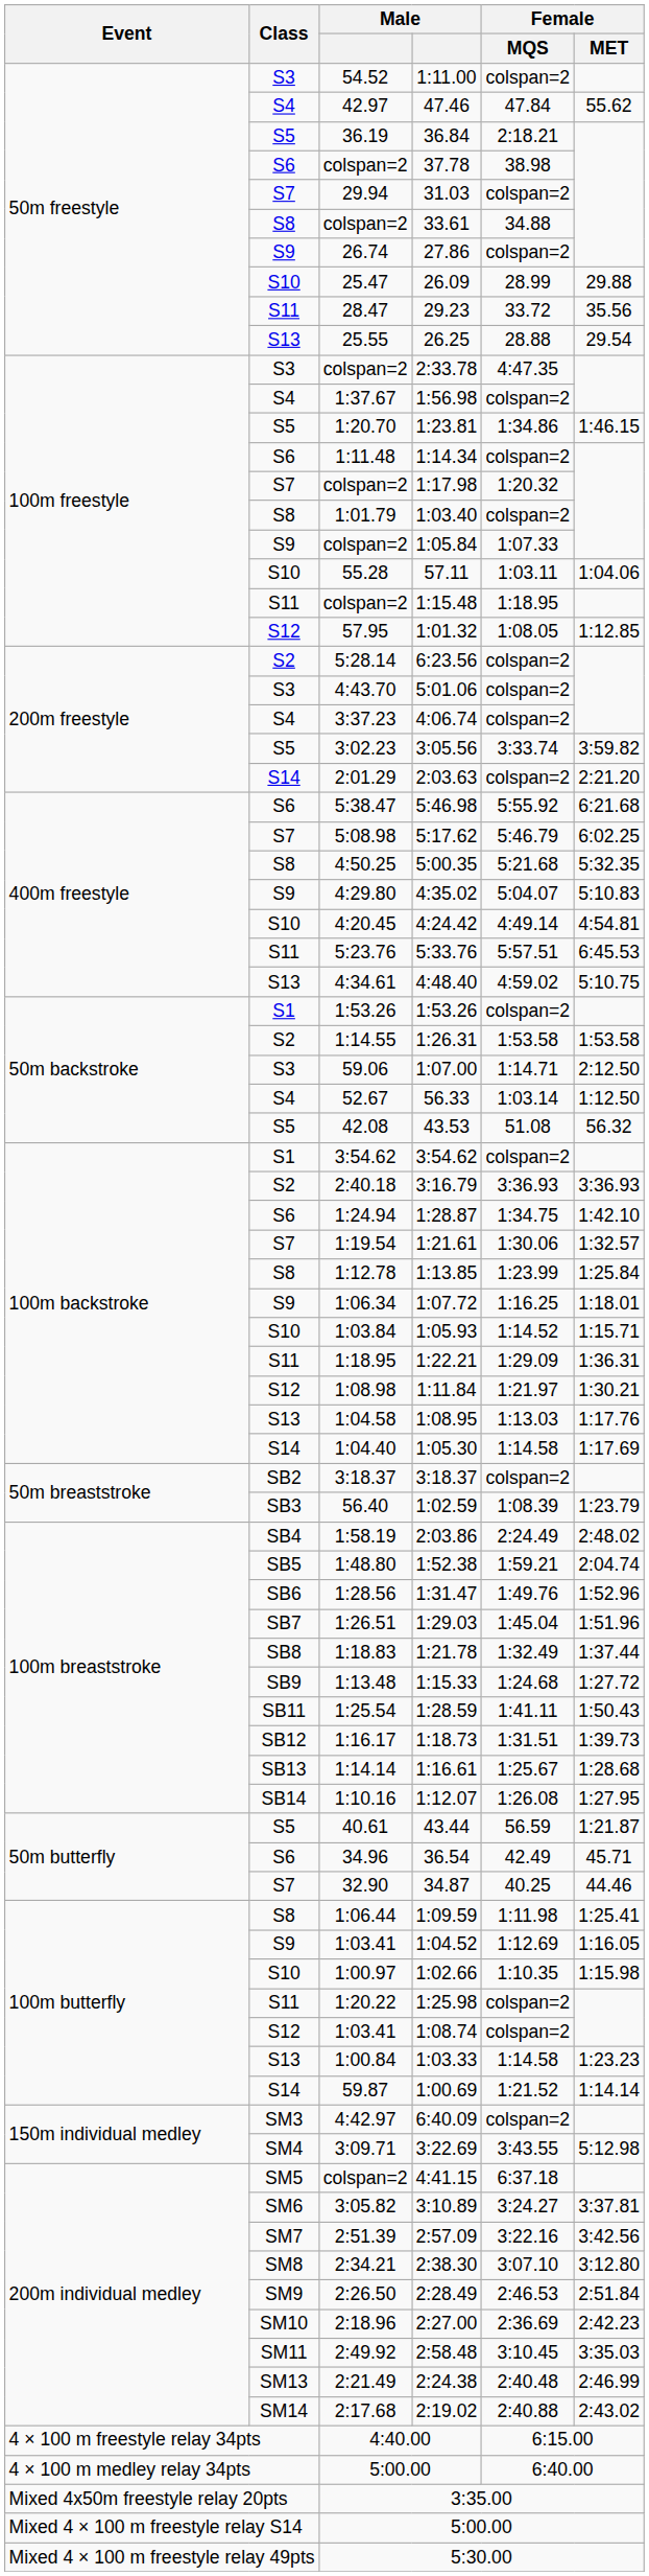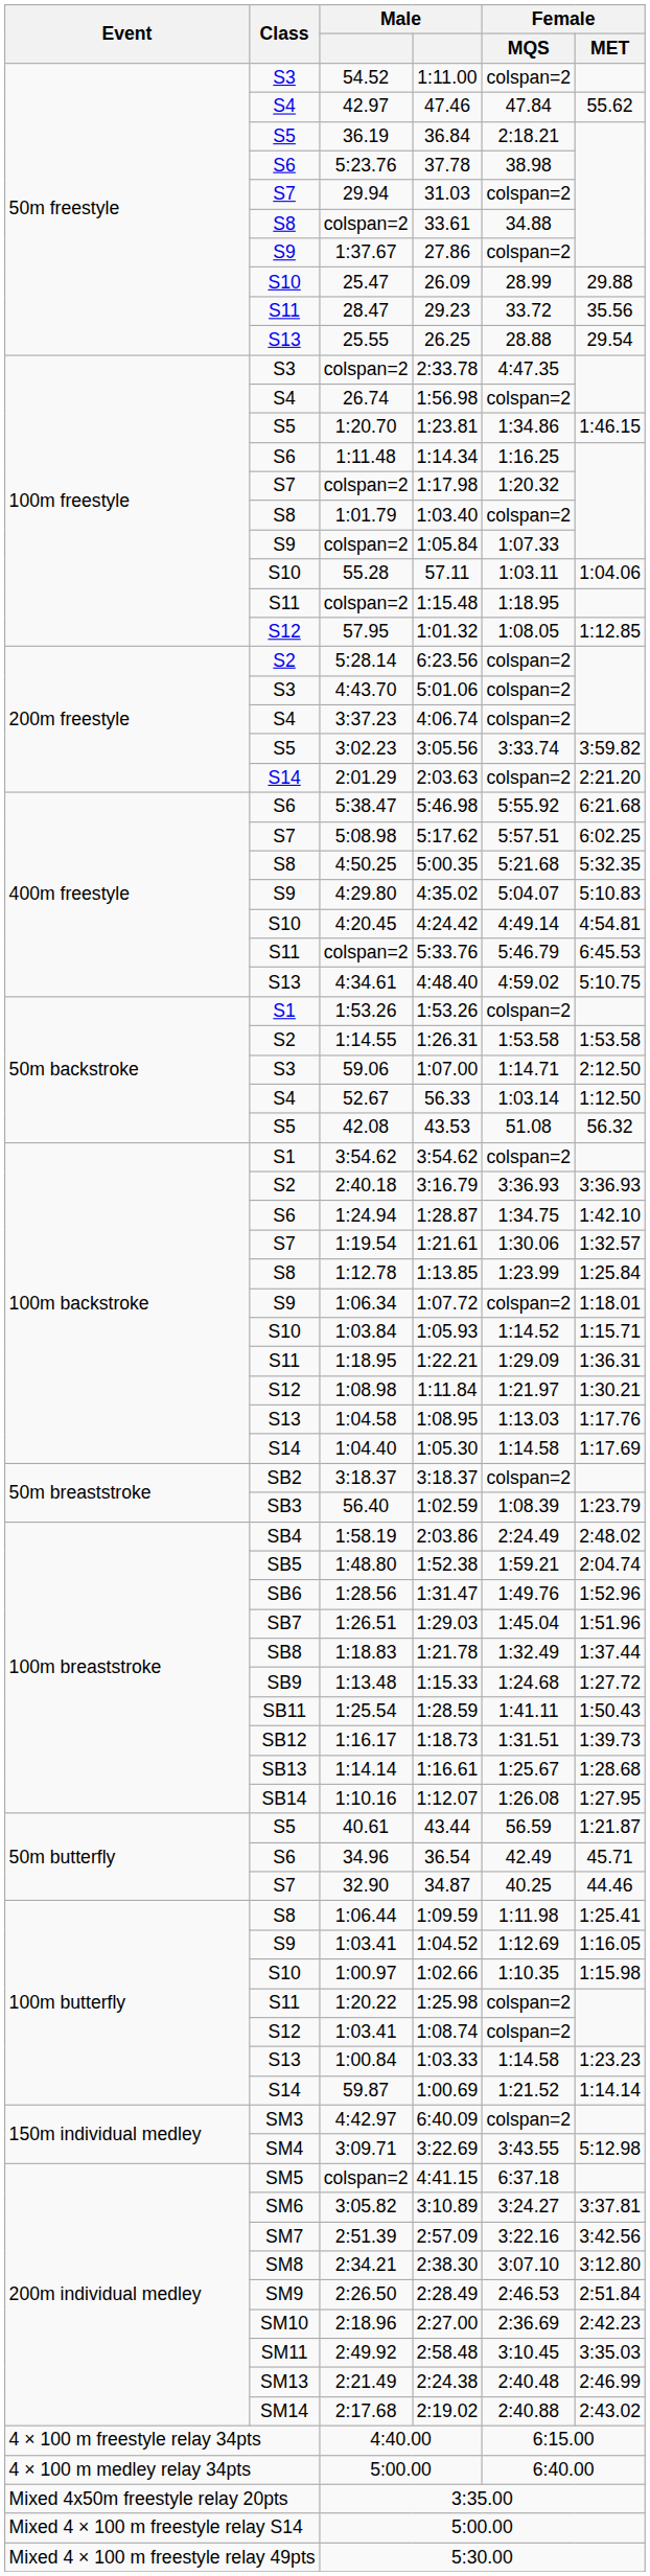 <table class="wikitable">
 <tr>
 <th rowspan=2>Event</th>
 <th rowspan=2>Class</th>
 <th colspan=2>Male</th>
 <th colspan=2>Female</th>
 </tr>
 <tr>
 <th></th>
 <th></th>
 <th>MQS</th>
 <th>MET</th>
 </tr>
 <tr align=center>
 <td align=left rowspan=10>50m freestyle</td>
 <td><a href='#'>S3</a></td>
 <td>54.52</td>
 <td>1:11.00</td>
 <td>colspan=2 </td>
 </tr>
 <tr align=center>
 <td><a href='#'>S4</a></td>
 <td>42.97</td>
 <td>47.46</td>
 <td>47.84</td>
 <td>55.62</td>
 </tr>
 <tr align=center>
 <td><a href='#'>S5</a></td>
 <td>36.19</td>
 <td>36.84</td>
 <td>2:18.21</td>
 </tr>
 <tr align=center>
 <td><a href='#'>S6</a></td>
-<td>colspan=2 </td>
+<td>5:23.76</td>
 <td>37.78</td>
 <td>38.98</td>
 </tr>
 <tr align=center>
 <td><a href='#'>S7</a></td>
 <td>29.94</td>
 <td>31.03</td>
 <td>colspan=2 </td>
 </tr>
 <tr align=center>
 <td><a href='#'>S8</a></td>
 <td>colspan=2 </td>
 <td>33.61</td>
 <td>34.88</td>
 </tr>
 <tr align=center>
 <td><a href='#'>S9</a></td>
-<td>26.74</td>
+<td>1:37.67</td>
 <td>27.86</td>
 <td>colspan=2 </td>
 </tr>
 <tr align=center>
 <td><a href='#'>S10</a></td>
 <td>25.47</td>
 <td>26.09</td>
 <td>28.99</td>
 <td>29.88</td>
 </tr>
 <tr align=center>
 <td><a href='#'>S11</a></td>
 <td>28.47</td>
 <td>29.23</td>
 <td>33.72</td>
 <td>35.56</td>
 </tr>
 <tr align=center>
 <td><a href='#'>S13</a></td>
 <td>25.55</td>
 <td>26.25</td>
 <td>28.88</td>
 <td>29.54</td>
 </tr>
 <tr align=center>
 <td align=left rowspan=10>100m freestyle</td>
 <td>S3</td>
 <td>colspan=2 </td>
 <td>2:33.78</td>
 <td>4:47.35</td>
 </tr>
 <tr align=center>
 <td>S4</td>
-<td>1:37.67</td>
+<td>26.74</td>
 <td>1:56.98</td>
 <td>colspan=2 </td>
 </tr>
 <tr align=center>
 <td>S5</td>
 <td>1:20.70</td>
 <td>1:23.81</td>
 <td>1:34.86</td>
 <td>1:46.15</td>
 </tr>
 <tr align=center>
 <td>S6</td>
 <td>1:11.48</td>
 <td>1:14.34</td>
-<td>colspan=2 </td>
+<td>1:16.25</td>
 </tr>
 <tr align=center>
 <td>S7</td>
 <td>colspan=2 </td>
 <td>1:17.98</td>
 <td>1:20.32</td>
 </tr>
 <tr align=center>
 <td>S8</td>
 <td>1:01.79</td>
 <td>1:03.40</td>
 <td>colspan=2 </td>
 </tr>
 <tr align=center>
 <td>S9</td>
 <td>colspan=2 </td>
 <td>1:05.84</td>
 <td>1:07.33</td>
 </tr>
 <tr align=center>
 <td>S10</td>
 <td>55.28</td>
 <td>57.11</td>
 <td>1:03.11</td>
 <td>1:04.06</td>
 </tr>
 <tr align=center>
 <td>S11</td>
 <td>colspan=2 </td>
 <td>1:15.48</td>
 <td>1:18.95</td>
 </tr>
 <tr align=center>
 <td><a href='#'>S12</a></td>
 <td>57.95</td>
 <td>1:01.32</td>
 <td>1:08.05</td>
 <td>1:12.85</td>
 </tr>
 <tr align=center>
 <td align=left rowspan=5>200m freestyle</td>
 <td><a href='#'>S2</a></td>
 <td>5:28.14</td>
 <td>6:23.56</td>
 <td>colspan=2 </td>
 </tr>
 <tr align=center>
 <td>S3</td>
 <td>4:43.70</td>
 <td>5:01.06</td>
 <td>colspan=2 </td>
 </tr>
 <tr align=center>
 <td>S4</td>
 <td>3:37.23</td>
 <td>4:06.74</td>
 <td>colspan=2 </td>
 </tr>
 <tr align=center>
 <td>S5</td>
 <td>3:02.23</td>
 <td>3:05.56</td>
 <td>3:33.74</td>
 <td>3:59.82</td>
 </tr>
 <tr align=center>
 <td><a href='#'>S14</a></td>
 <td>2:01.29</td>
 <td>2:03.63</td>
 <td>colspan=2 </td>
 <td>2:21.20</td>
 </tr>
 <tr align=center>
 <td align=left rowspan=7>400m freestyle</td>
 <td>S6</td>
 <td>5:38.47</td>
 <td>5:46.98</td>
 <td>5:55.92</td>
 <td>6:21.68</td>
 </tr>
 <tr align=center>
 <td>S7</td>
 <td>5:08.98</td>
 <td>5:17.62</td>
-<td>5:46.79</td>
+<td>5:57.51</td>
 <td>6:02.25</td>
 </tr>
 <tr align=center>
 <td>S8</td>
 <td>4:50.25</td>
 <td>5:00.35</td>
 <td>5:21.68</td>
 <td>5:32.35</td>
 </tr>
 <tr align=center>
 <td>S9</td>
 <td>4:29.80</td>
 <td>4:35.02</td>
 <td>5:04.07</td>
 <td>5:10.83</td>
 </tr>
 <tr align=center>
 <td>S10</td>
 <td>4:20.45</td>
 <td>4:24.42</td>
 <td>4:49.14</td>
 <td>4:54.81</td>
 </tr>
 <tr align=center>
 <td>S11</td>
-<td>5:23.76</td>
+<td>colspan=2 </td>
 <td>5:33.76</td>
-<td>5:57.51</td>
+<td>5:46.79</td>
 <td>6:45.53</td>
 </tr>
 <tr align=center>
 <td>S13</td>
 <td>4:34.61</td>
 <td>4:48.40</td>
 <td>4:59.02</td>
 <td>5:10.75</td>
 </tr>
 <tr align=center>
 <td align=left rowspan=5>50m backstroke</td>
 <td><a href='#'>S1</a></td>
 <td>1:53.26</td>
 <td>1:53.26</td>
 <td>colspan=2 </td>
 </tr>
 <tr align=center>
 <td>S2</td>
 <td>1:14.55</td>
 <td>1:26.31</td>
 <td>1:53.58</td>
 <td>1:53.58</td>
 </tr>
 <tr align=center>
 <td>S3</td>
 <td>59.06</td>
 <td>1:07.00</td>
 <td>1:14.71</td>
 <td>2:12.50</td>
 </tr>
 <tr align=center>
 <td>S4</td>
 <td>52.67</td>
 <td>56.33</td>
 <td>1:03.14</td>
 <td>1:12.50</td>
 </tr>
 <tr align=center>
 <td>S5</td>
 <td>42.08</td>
 <td>43.53</td>
 <td>51.08</td>
 <td>56.32</td>
 </tr>
 <tr align=center>
 <td align=left rowspan=11>100m backstroke</td>
 <td>S1</td>
 <td>3:54.62</td>
 <td>3:54.62</td>
 <td>colspan=2 </td>
 </tr>
 <tr align=center>
 <td>S2</td>
 <td>2:40.18</td>
 <td>3:16.79</td>
 <td>3:36.93</td>
 <td>3:36.93</td>
 </tr>
 <tr align=center>
 <td>S6</td>
 <td>1:24.94</td>
 <td>1:28.87</td>
 <td>1:34.75</td>
 <td>1:42.10</td>
 </tr>
 <tr align=center>
 <td>S7</td>
 <td>1:19.54</td>
 <td>1:21.61</td>
 <td>1:30.06</td>
 <td>1:32.57</td>
 </tr>
 <tr align=center>
 <td>S8</td>
 <td>1:12.78</td>
 <td>1:13.85</td>
 <td>1:23.99</td>
 <td>1:25.84</td>
 </tr>
 <tr align=center>
 <td>S9</td>
 <td>1:06.34</td>
 <td>1:07.72</td>
-<td>1:16.25</td>
+<td>colspan=2 </td>
 <td>1:18.01</td>
 </tr>
 <tr align=center>
 <td>S10</td>
 <td>1:03.84</td>
 <td>1:05.93</td>
 <td>1:14.52</td>
 <td>1:15.71</td>
 </tr>
 <tr align=center>
 <td>S11</td>
 <td>1:18.95</td>
 <td>1:22.21</td>
 <td>1:29.09</td>
 <td>1:36.31</td>
 </tr>
 <tr align=center>
 <td>S12</td>
 <td>1:08.98</td>
 <td>1:11.84</td>
 <td>1:21.97</td>
 <td>1:30.21</td>
 </tr>
 <tr align=center>
 <td>S13</td>
 <td>1:04.58</td>
 <td>1:08.95</td>
 <td>1:13.03</td>
 <td>1:17.76</td>
 </tr>
 <tr align=center>
 <td>S14</td>
 <td>1:04.40</td>
 <td>1:05.30</td>
 <td>1:14.58</td>
 <td>1:17.69</td>
 </tr>
 <tr align=center>
 <td align=left rowspan=2>50m breaststroke</td>
 <td>SB2</td>
 <td>3:18.37</td>
 <td>3:18.37</td>
 <td>colspan=2 </td>
 </tr>
 <tr align=center>
 <td>SB3</td>
 <td>56.40</td>
 <td>1:02.59</td>
 <td>1:08.39</td>
 <td>1:23.79</td>
 </tr>
 <tr align=center>
 <td align=left rowspan=10>100m breaststroke</td>
 <td>SB4</td>
 <td>1:58.19</td>
 <td>2:03.86</td>
 <td>2:24.49</td>
 <td>2:48.02</td>
 </tr>
 <tr align=center>
 <td>SB5</td>
 <td>1:48.80</td>
 <td>1:52.38</td>
 <td>1:59.21</td>
 <td>2:04.74</td>
 </tr>
 <tr align=center>
 <td>SB6</td>
 <td>1:28.56</td>
 <td>1:31.47</td>
 <td>1:49.76</td>
 <td>1:52.96</td>
 </tr>
 <tr align=center>
 <td>SB7</td>
 <td>1:26.51</td>
 <td>1:29.03</td>
 <td>1:45.04</td>
 <td>1:51.96</td>
 </tr>
 <tr align=center>
 <td>SB8</td>
 <td>1:18.83</td>
 <td>1:21.78</td>
 <td>1:32.49</td>
 <td>1:37.44</td>
 </tr>
 <tr align=center>
 <td>SB9</td>
 <td>1:13.48</td>
 <td>1:15.33</td>
 <td>1:24.68</td>
 <td>1:27.72</td>
 </tr>
 <tr align=center>
 <td>SB11</td>
 <td>1:25.54</td>
 <td>1:28.59</td>
 <td>1:41.11</td>
 <td>1:50.43</td>
 </tr>
 <tr align=center>
 <td>SB12</td>
 <td>1:16.17</td>
 <td>1:18.73</td>
 <td>1:31.51</td>
 <td>1:39.73</td>
 </tr>
 <tr align=center>
 <td>SB13</td>
 <td>1:14.14</td>
 <td>1:16.61</td>
 <td>1:25.67</td>
 <td>1:28.68</td>
 </tr>
 <tr align=center>
 <td>SB14</td>
 <td>1:10.16</td>
 <td>1:12.07</td>
 <td>1:26.08</td>
 <td>1:27.95</td>
 </tr>
 <tr align=center>
 <td align=left rowspan=3>50m butterfly</td>
 <td>S5</td>
 <td>40.61</td>
 <td>43.44</td>
 <td>56.59</td>
 <td>1:21.87</td>
 </tr>
 <tr align=center>
 <td>S6</td>
 <td>34.96</td>
 <td>36.54</td>
 <td>42.49</td>
 <td>45.71</td>
 </tr>
 <tr align=center>
 <td>S7</td>
 <td>32.90</td>
 <td>34.87</td>
 <td>40.25</td>
 <td>44.46</td>
 </tr>
 <tr align=center>
 <td align=left rowspan=7>100m butterfly</td>
 <td>S8</td>
 <td>1:06.44</td>
 <td>1:09.59</td>
 <td>1:11.98</td>
 <td>1:25.41</td>
 </tr>
 <tr align=center>
 <td>S9</td>
 <td>1:03.41</td>
 <td>1:04.52</td>
 <td>1:12.69</td>
 <td>1:16.05</td>
 </tr>
 <tr align=center>
 <td>S10</td>
 <td>1:00.97</td>
 <td>1:02.66</td>
 <td>1:10.35</td>
 <td>1:15.98</td>
 </tr>
 <tr align=center>
 <td>S11</td>
 <td>1:20.22</td>
 <td>1:25.98</td>
 <td>colspan=2 </td>
 </tr>
 <tr align=center>
 <td>S12</td>
 <td>1:03.41</td>
 <td>1:08.74</td>
 <td>colspan=2 </td>
 </tr>
 <tr align=center>
 <td>S13</td>
 <td>1:00.84</td>
 <td>1:03.33</td>
 <td>1:14.58</td>
 <td>1:23.23</td>
 </tr>
 <tr align=center>
 <td>S14</td>
 <td>59.87</td>
 <td>1:00.69</td>
 <td>1:21.52</td>
 <td>1:14.14</td>
 </tr>
 <tr align=center>
 <td align=left rowspan=2>150m individual medley</td>
 <td>SM3</td>
 <td>4:42.97</td>
 <td>6:40.09</td>
 <td>colspan=2 </td>
 </tr>
 <tr align=center>
 <td>SM4</td>
 <td>3:09.71</td>
 <td>3:22.69</td>
 <td>3:43.55</td>
 <td>5:12.98</td>
 </tr>
 <tr align=center>
 <td align=left rowspan=9>200m individual medley</td>
 <td>SM5</td>
 <td>colspan=2 </td>
 <td>4:41.15</td>
 <td>6:37.18</td>
 </tr>
 <tr align=center>
 <td>SM6</td>
 <td>3:05.82</td>
 <td>3:10.89</td>
 <td>3:24.27</td>
 <td>3:37.81</td>
 </tr>
 <tr align=center>
 <td>SM7</td>
 <td>2:51.39</td>
 <td>2:57.09</td>
 <td>3:22.16</td>
 <td>3:42.56</td>
 </tr>
 <tr align=center>
 <td>SM8</td>
 <td>2:34.21</td>
 <td>2:38.30</td>
 <td>3:07.10</td>
 <td>3:12.80</td>
 </tr>
 <tr align=center>
 <td>SM9</td>
 <td>2:26.50</td>
 <td>2:28.49</td>
 <td>2:46.53</td>
 <td>2:51.84</td>
 </tr>
 <tr align=center>
 <td>SM10</td>
 <td>2:18.96</td>
 <td>2:27.00</td>
 <td>2:36.69</td>
 <td>2:42.23</td>
 </tr>
 <tr align=center>
 <td>SM11</td>
 <td>2:49.92</td>
 <td>2:58.48</td>
 <td>3:10.45</td>
 <td>3:35.03</td>
 </tr>
 <tr align=center>
 <td>SM13</td>
 <td>2:21.49</td>
 <td>2:24.38</td>
 <td>2:40.48</td>
 <td>2:46.99</td>
 </tr>
 <tr align=center>
 <td>SM14</td>
 <td>2:17.68</td>
 <td>2:19.02</td>
 <td>2:40.88</td>
 <td>2:43.02</td>
 </tr>
 <tr align=center>
 <td align=left colspan=2>4 × 100 m freestyle relay 34pts</td>
 <td colspan=2>4:40.00</td>
 <td colspan=2>6:15.00</td>
 </tr>
 <tr align=center>
 <td align=left colspan=2>4 × 100 m medley relay 34pts</td>
 <td colspan=2>5:00.00</td>
 <td colspan=2>6:40.00</td>
 </tr>
 <tr align=center>
 <td align=left colspan=2>Mixed 4x50m freestyle relay 20pts</td>
 <td colspan=4>3:35.00</td>
 </tr>
 <tr align=center>
 <td align=left colspan=2>Mixed 4 × 100 m freestyle relay S14</td>
 <td colspan=4>5:00.00</td>
 </tr>
 <tr align=center>
 <td align=left colspan=2>Mixed 4 × 100 m freestyle relay 49pts</td>
 <td colspan=4>5:30.00</td>
 </tr>
 </table>
